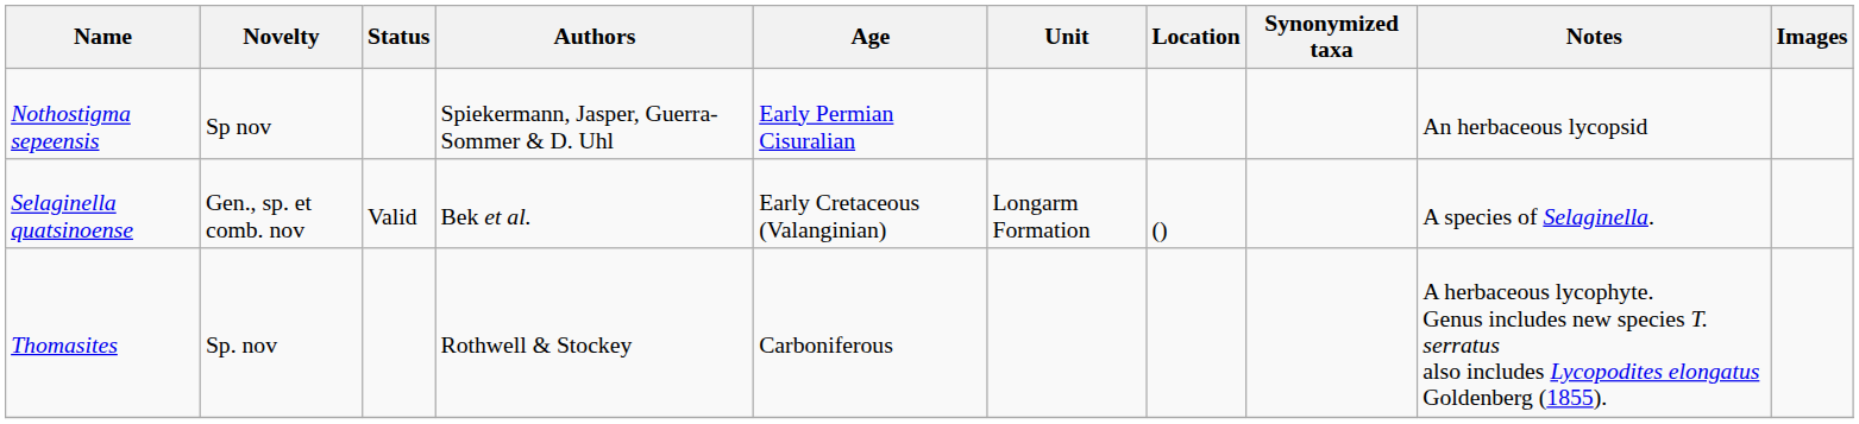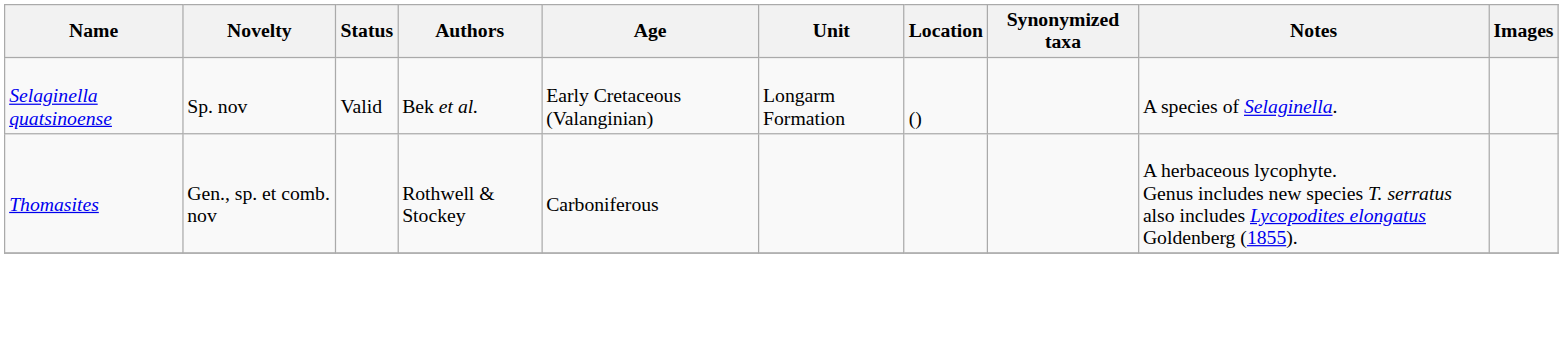 <table class="wikitable sortable" align="center" width="100%">
 <tr>
 <th>Name</th>
 <th>Novelty</th>
 <th>Status</th>
 <th>Authors</th>
 <th>Age</th>
 <th>Unit</th>
 <th>Location</th>
 <th>Synonymized taxa</th>
 <th>Notes</th>
 <th>Images</th>
 </tr>
 <tr>
-<td><br><em><a href='#'>Nothostigma sepeensis</a></em></td>
-<td><br>Sp nov</td>
-<td></td>
-<td><br>Spiekermann, Jasper, Guerra-Sommer & D. Uhl</td>
-<td><br><a href='#'>Early Permian</a><br> <a href='#'>Cisuralian</a></td>
-<td></td>
-<td><br></td>
-<td></td>
-<td><br>An herbaceous lycopsid</td>
-<td></td>
-</tr>
-<tr>
 <td><br><em><a href='#'>Selaginella quatsinoense</a></em></td>
-<td><br>Gen., sp. et comb. nov</td>
+<td><br>Sp. nov</td>
 <td><br>Valid</td>
 <td><br>Bek <em>et al.</em></td>
 <td><br>Early Cretaceous (Valanginian)</td>
 <td><br>Longarm Formation</td>
 <td><br><br>()</td>
 <td></td>
 <td><br>A species of <em><a href='#'>Selaginella</a></em>.</td>
 <td></td>
 </tr>
 <tr>
 <td><br><em><a href='#'>Thomasites</a></em></td>
-<td><br>Sp. nov</td>
+<td><br>Gen., sp. et comb. nov</td>
 <td></td>
 <td><br>Rothwell & Stockey</td>
 <td><br>Carboniferous</td>
 <td></td>
 <td><br><br> </td>
 <td></td>
 <td><br>A herbaceous lycophyte.<br> Genus includes new species <em>T. serratus</em><br> also includes <em><a href='#'>Lycopodites elongatus</a></em> Goldenberg (<a href='#'>1855</a>).</td>
 <td></td>
 </tr>
 <tr>
 </tr>
 </table>
